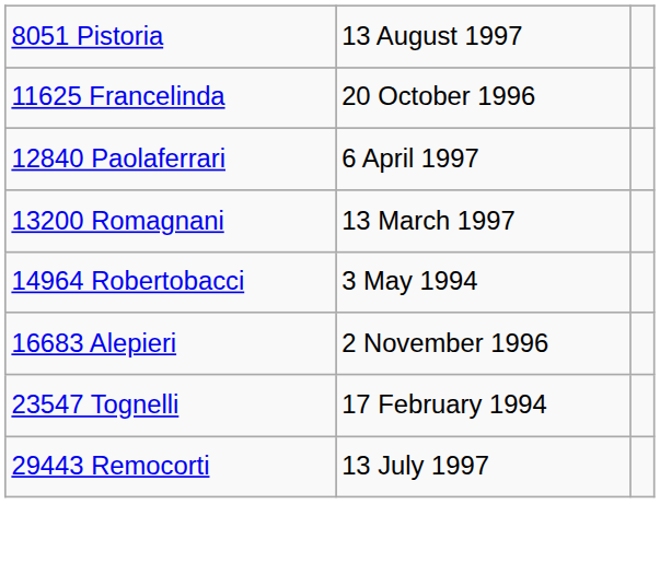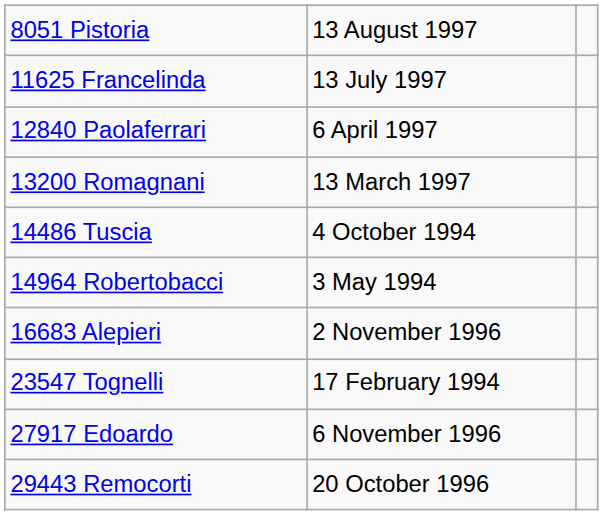 <table class="wikitable" style="font-size: 89%; float: left; width: 25em; margin-right: 1em; line-height: 1.65em !important; height: 270px;">
 <tr>
 <td><a href='#'>8051 Pistoria</a></td>
 <td>13 August 1997</td>
 <td> </td>
 </tr>
 <tr>
 <td><a href='#'>11625 Francelinda</a></td>
-<td>20 October 1996</td>
+<td>13 July 1997</td>
 <td> </td>
 </tr>
 <tr>
 <td><a href='#'>12840 Paolaferrari</a></td>
 <td>6 April 1997</td>
 <td> </td>
 </tr>
 <tr>
 <td><a href='#'>13200 Romagnani</a></td>
 <td>13 March 1997</td>
+<td> </td>
+</tr>
+<tr>
+<td><a href='#'>14486 Tuscia</a></td>
+<td>4 October 1994</td>
 <td> </td>
 </tr>
 <tr>
 <td><a href='#'>14964 Robertobacci</a></td>
 <td>3 May 1994</td>
 <td> </td>
 </tr>
 <tr>
 <td><a href='#'>16683 Alepieri</a></td>
 <td>2 November 1996</td>
 <td> </td>
 </tr>
 <tr>
 <td><a href='#'>23547 Tognelli</a></td>
 <td>17 February 1994</td>
 <td> </td>
 </tr>
 <tr>
+<td><a href='#'>27917 Edoardo</a></td>
+<td>6 November 1996</td>
+<td> </td>
+</tr>
+<tr>
 <td><a href='#'>29443 Remocorti</a></td>
-<td>13 July 1997</td>
+<td>20 October 1996</td>
 <td> </td>
 </tr>
 </table>
